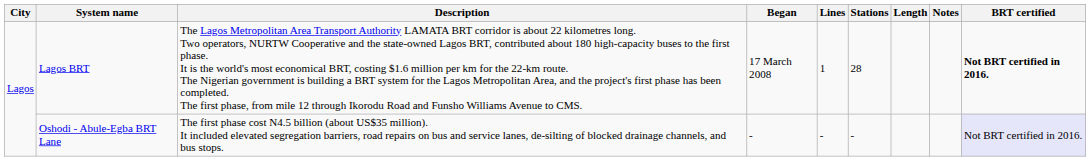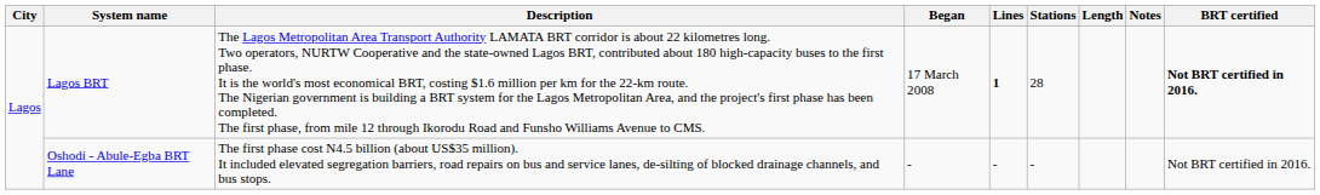 <table class="wikitable">
 <tr>
 <th>City</th>
 <th>System name</th>
 <th>Description</th>
 <th>Began</th>
 <th>Lines</th>
 <th>Stations</th>
 <th>Length</th>
 <th>Notes</th>
 <th>BRT certified</th>
 </tr>
 <tr>
 <td rowspan="2"><a href='#'>Lagos</a></td>
 <td><a href='#'>Lagos BRT</a></td>
 <td>The <a href='#'>Lagos Metropolitan Area Transport Authority</a> LAMATA BRT corridor is about 22 kilometres long.<br>Two operators, NURTW Cooperative and the state-owned Lagos BRT, contributed about 180 high-capacity buses to the first phase.<br>It is the world's most economical BRT, costing $1.6 million per km for the 22-km route.<br>The Nigerian government is building a BRT system for the Lagos Metropolitan Area, and the project's first phase has been completed.<br>The first phase, from mile 12 through Ikorodu Road and Funsho Williams Avenue to CMS.</td>
 <td>17 March 2008</td>
-<td>1</td>
+<td><strong>1</strong></td>
 <td>28</td>
 <td></td>
 <td></td>
 <td><strong>Not BRT certified in 2016.</strong></td>
 </tr>
 <tr>
 <td><a href='#'>Oshodi - Abule-Egba BRT Lane</a></td>
 <td>The first phase cost N4.5 billion (about US$35 million).<br>It included elevated segregation barriers, road repairs on bus and service lanes, de-silting of blocked drainage channels, and bus stops.</td>
 <td>-</td>
 <td>-</td>
 <td>-</td>
 <td></td>
 <td></td>
-<td style="background: lavender;">Not BRT certified in 2016.</td>
+<td>Not BRT certified in 2016.</td>
 </tr>
 </table>
